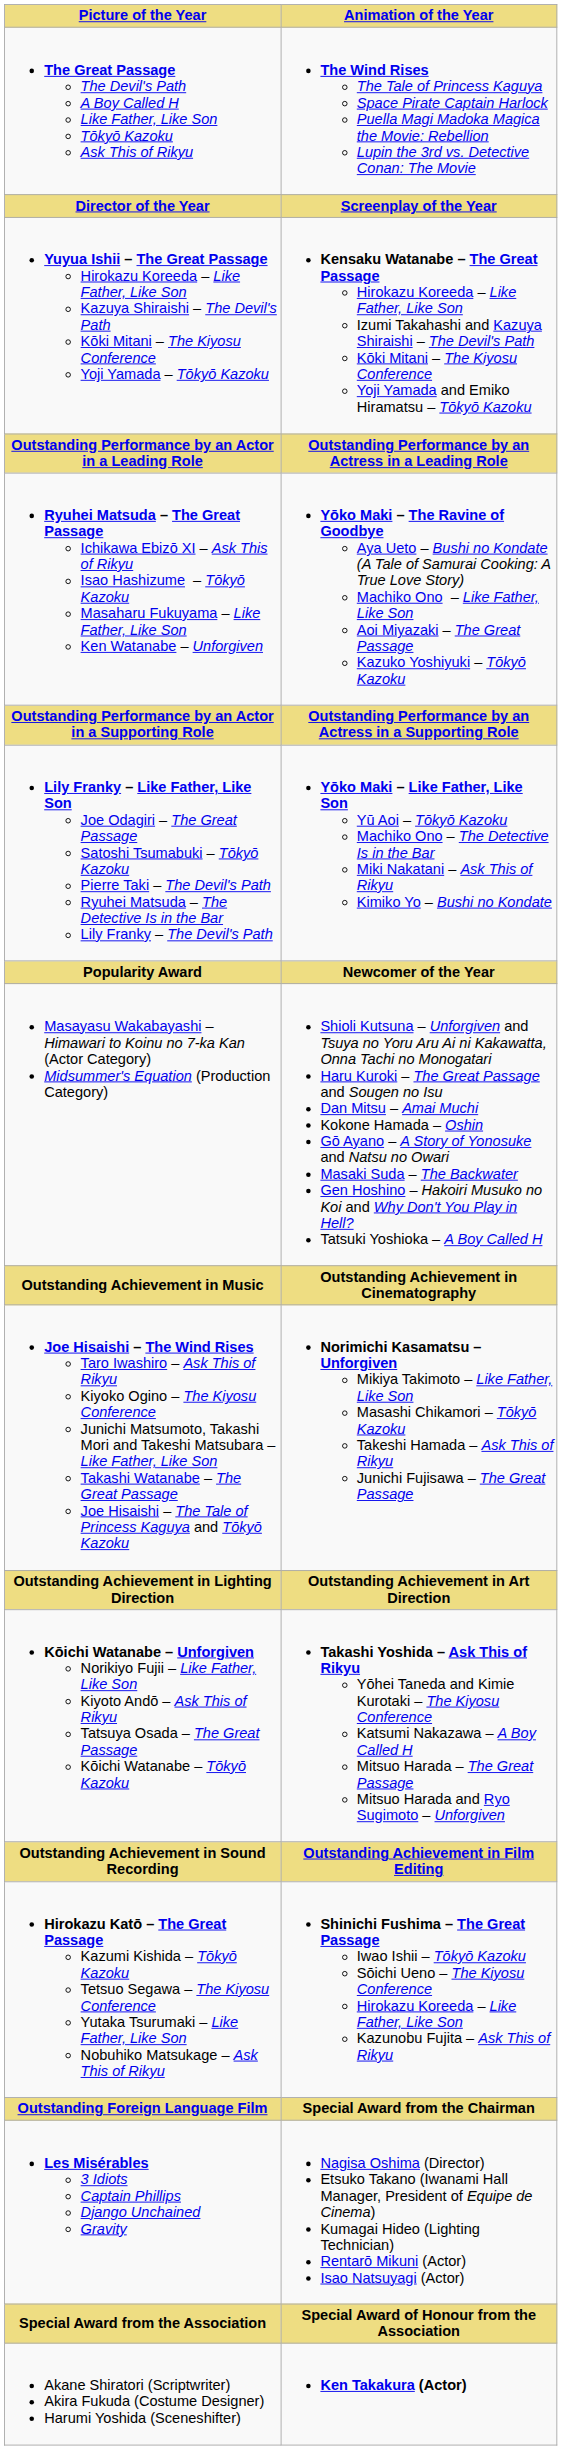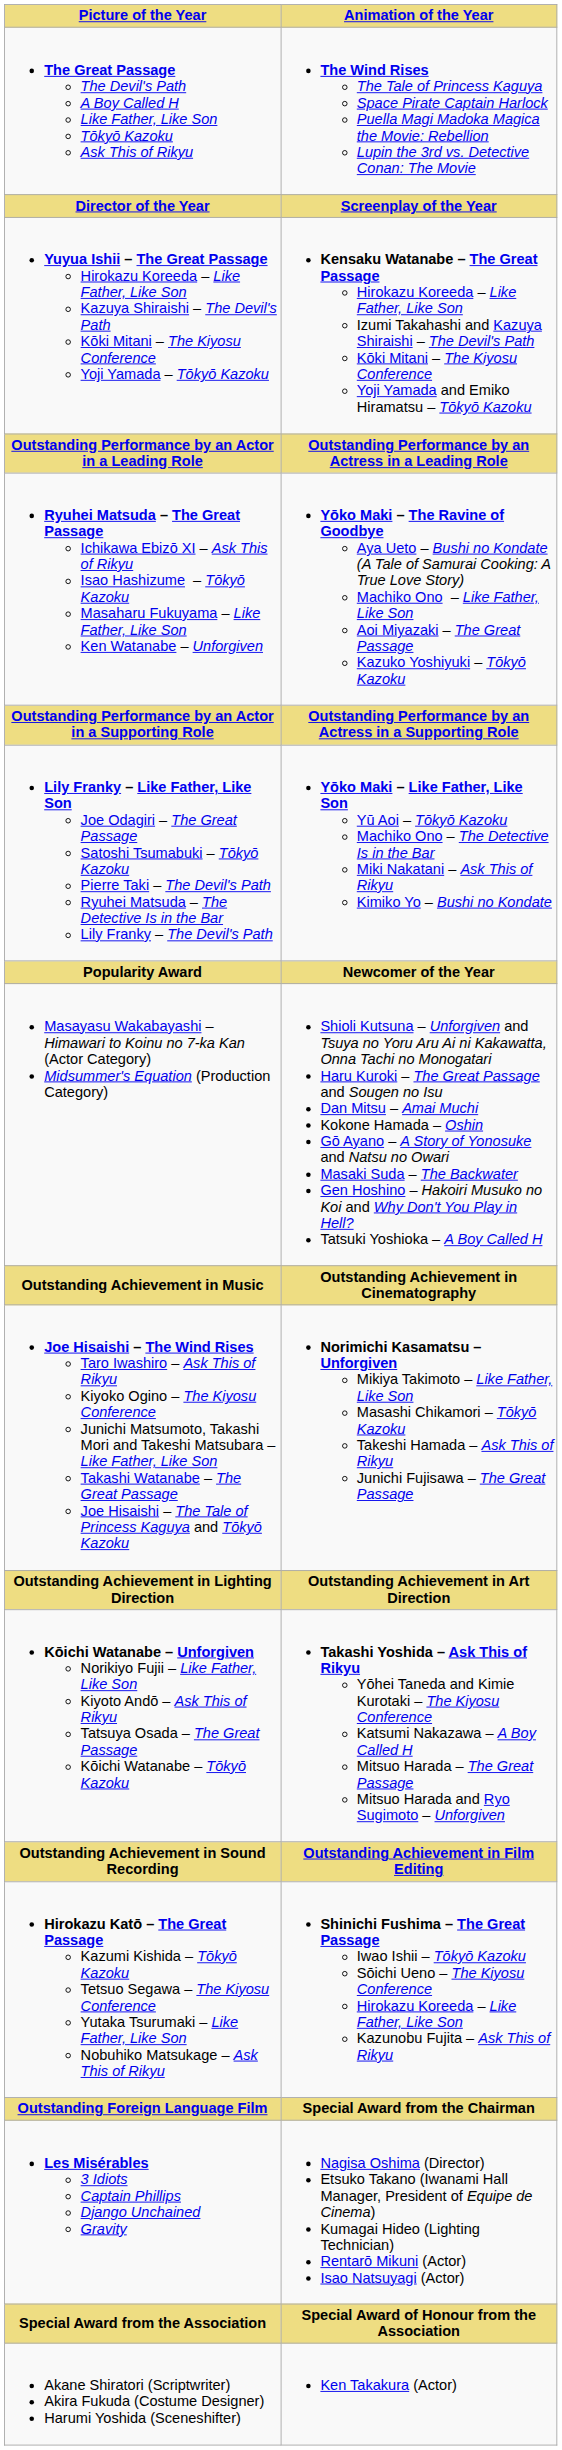 <table class=wikitable>
 <tr>
 <th style="background:#EEDD82; width:50%"><a href='#'>Picture of the Year</a></th>
 <th style="background:#EEDD82; width:50%"><a href='#'>Animation of the Year</a></th>
 </tr>
 <tr>
 <td valign="top"><br><ul><li><strong><a href='#'>The Great Passage</a></strong><ul><li><em><a href='#'>The Devil's Path</a></em></li><li><em><a href='#'>A Boy Called H</a></em></li><li><em><a href='#'>Like Father, Like Son</a></em></li><li><em><a href='#'>Tōkyō Kazoku</a></em></li><li><em><a href='#'>Ask This of Rikyu</a></em></li></ul></li></ul></td>
 <td valign="top"><br><ul><li><strong><a href='#'>The Wind Rises</a></strong><ul><li><em><a href='#'>The Tale of Princess Kaguya</a></em></li><li><em><a href='#'>Space Pirate Captain Harlock</a></em></li><li><em><a href='#'>Puella Magi Madoka Magica the Movie: Rebellion</a></em></li><li><em><a href='#'>Lupin the 3rd vs. Detective Conan: The Movie</a></em></li></ul></li></ul></td>
 </tr>
 <tr>
 <th style="background:#EEDD82"><a href='#'>Director of the Year</a></th>
 <th style="background:#EEDD82"><a href='#'>Screenplay of the Year</a></th>
 </tr>
 <tr>
 <td valign="top"><br><ul><li><strong><a href='#'>Yuyua Ishii</a> – <a href='#'>The Great Passage</a></strong><ul><li><a href='#'>Hirokazu Koreeda</a> – <em><a href='#'>Like Father, Like Son</a></em></li><li><a href='#'>Kazuya Shiraishi</a> – <em><a href='#'>The Devil's Path</a></em></li><li><a href='#'>Kōki Mitani</a> – <em><a href='#'>The Kiyosu Conference</a></em></li><li><a href='#'>Yoji Yamada</a> – <em><a href='#'>Tōkyō Kazoku</a></em></li></ul></li></ul></td>
 <td valign="top"><br><ul><li><strong>Kensaku Watanabe – <a href='#'>The Great Passage</a></strong><ul><li><a href='#'>Hirokazu Koreeda</a> – <em><a href='#'>Like Father, Like Son</a></em></li><li>Izumi Takahashi and <a href='#'>Kazuya Shiraishi</a> – <em><a href='#'>The Devil's Path</a></em></li><li><a href='#'>Kōki Mitani</a> – <em><a href='#'>The Kiyosu Conference</a></em></li><li><a href='#'>Yoji Yamada</a> and Emiko Hiramatsu – <em><a href='#'>Tōkyō Kazoku</a></em></li></ul></li></ul></td>
 </tr>
 <tr>
 <th style="background:#EEDD82"><a href='#'>Outstanding Performance by an Actor in a Leading Role</a></th>
 <th style="background:#EEDD82"><a href='#'>Outstanding Performance by an Actress in a Leading Role</a></th>
 </tr>
 <tr>
 <td valign="top"><br><ul><li><strong><a href='#'>Ryuhei Matsuda</a> – <a href='#'>The Great Passage</a></strong><ul><li><a href='#'>Ichikawa Ebizō XI</a> – <em><a href='#'>Ask This of Rikyu</a></em></li><li><a href='#'>Isao Hashizume</a>  – <em><a href='#'>Tōkyō Kazoku</a></em></li><li><a href='#'>Masaharu Fukuyama</a> – <em><a href='#'>Like Father, Like Son</a></em></li><li><a href='#'>Ken Watanabe</a> – <em><a href='#'>Unforgiven</a></em></li></ul></li></ul></td>
 <td valign="top"><br><ul><li><strong><a href='#'>Yōko Maki</a> – <a href='#'>The Ravine of Goodbye</a></strong><ul><li><a href='#'>Aya Ueto</a> – <em><a href='#'>Bushi no Kondate</a></em> <em>(A Tale of Samurai Cooking: A True Love Story)</em></li><li><a href='#'>Machiko Ono</a>  – <em><a href='#'>Like Father, Like Son</a></em></li><li><a href='#'>Aoi Miyazaki</a> – <em><a href='#'>The Great Passage</a></em></li><li><a href='#'>Kazuko Yoshiyuki</a> – <em><a href='#'>Tōkyō Kazoku</a></em></li></ul></li></ul></td>
 </tr>
 <tr>
 <th style="background:#EEDD82"><a href='#'>Outstanding Performance by an Actor in a Supporting Role</a></th>
 <th style="background:#EEDD82"><a href='#'>Outstanding Performance by an Actress in a Supporting Role</a></th>
 </tr>
 <tr>
 <td valign="top"><br><ul><li><strong><a href='#'>Lily Franky</a> – <a href='#'>Like Father, Like Son</a></strong><ul><li><a href='#'>Joe Odagiri</a> – <em><a href='#'>The Great Passage</a></em></li><li><a href='#'>Satoshi Tsumabuki</a> – <em><a href='#'>Tōkyō Kazoku</a></em></li><li><a href='#'>Pierre Taki</a> – <em><a href='#'>The Devil's Path</a></em></li><li><a href='#'>Ryuhei Matsuda</a> – <em><a href='#'>The Detective Is in the Bar</a></em></li><li><a href='#'>Lily Franky</a> – <em><a href='#'>The Devil's Path</a></em></li></ul></li></ul></td>
 <td valign="top"><br><ul><li><strong><a href='#'>Yōko Maki</a> – <a href='#'>Like Father, Like Son</a></strong><ul><li><a href='#'>Yū Aoi</a> – <em><a href='#'>Tōkyō Kazoku</a></em></li><li><a href='#'>Machiko Ono</a> – <em><a href='#'>The Detective Is in the Bar</a></em></li><li><a href='#'>Miki Nakatani</a> – <em><a href='#'>Ask This of Rikyu</a></em></li><li><a href='#'>Kimiko Yo</a> – <em><a href='#'>Bushi no Kondate</a></em></li></ul></li></ul></td>
 </tr>
 <tr>
 <th style="background:#EEDD82">Popularity Award</th>
 <th style="background:#EEDD82">Newcomer of the Year</th>
 </tr>
 <tr>
 <td valign="top"><br><ul><li><a href='#'>Masayasu Wakabayashi</a> – <em>Himawari to Koinu no 7-ka Kan</em> (Actor Category)</li><li><em><a href='#'>Midsummer's Equation</a></em> (Production Category)</li></ul></td>
 <td valign="top"><br><ul><li><a href='#'>Shioli Kutsuna</a> – <em><a href='#'>Unforgiven</a></em> and <em>Tsuya no Yoru Aru Ai ni Kakawatta, Onna Tachi no Monogatari</em></li><li><a href='#'>Haru Kuroki</a> – <em><a href='#'>The Great Passage</a></em> and <em>Sougen no Isu</em></li><li><a href='#'>Dan Mitsu</a> – <em><a href='#'>Amai Muchi</a></em></li><li>Kokone Hamada – <em><a href='#'>Oshin</a></em></li><li><a href='#'>Gō Ayano</a> – <em><a href='#'>A Story of Yonosuke</a></em> and <em>Natsu no Owari</em></li><li><a href='#'>Masaki Suda</a> – <em><a href='#'>The Backwater</a></em></li><li><a href='#'>Gen Hoshino</a> – <em>Hakoiri Musuko no Koi</em> and <em><a href='#'>Why Don't You Play in Hell?</a></em></li><li>Tatsuki Yoshioka – <em><a href='#'>A Boy Called H</a></em></li></ul></td>
 </tr>
 <tr>
 <th style="background:#EEDD82">Outstanding Achievement in Music</th>
 <th style="background:#EEDD82">Outstanding Achievement in Cinematography</th>
 </tr>
 <tr>
 <td valign="top"><br><ul><li><strong><a href='#'>Joe Hisaishi</a> – <a href='#'>The Wind Rises</a></strong><ul><li><a href='#'>Taro Iwashiro</a> – <em><a href='#'>Ask This of Rikyu</a></em></li><li>Kiyoko Ogino – <em><a href='#'>The Kiyosu Conference</a></em></li><li>Junichi Matsumoto, Takashi Mori and Takeshi Matsubara – <em><a href='#'>Like Father, Like Son</a></em></li><li><a href='#'>Takashi Watanabe</a> – <em><a href='#'>The Great Passage</a></em></li><li><a href='#'>Joe Hisaishi</a> – <em><a href='#'>The Tale of Princess Kaguya</a></em> and <em><a href='#'>Tōkyō Kazoku</a></em></li></ul></li></ul></td>
 <td valign="top"><br><ul><li><strong>Norimichi Kasamatsu – <a href='#'>Unforgiven</a></strong><ul><li>Mikiya Takimoto – <em><a href='#'>Like Father, Like Son</a></em></li><li>Masashi Chikamori – <em><a href='#'>Tōkyō Kazoku</a></em></li><li>Takeshi Hamada – <em><a href='#'>Ask This of Rikyu</a></em></li><li>Junichi Fujisawa – <em><a href='#'>The Great Passage</a></em></li></ul></li></ul></td>
 </tr>
 <tr>
 <th style="background:#EEDD82">Outstanding Achievement in Lighting Direction</th>
 <th style="background:#EEDD82">Outstanding Achievement in Art Direction</th>
 </tr>
 <tr>
 <td valign="top"><br><ul><li><strong>Kōichi Watanabe – <a href='#'>Unforgiven</a></strong><ul><li>Norikiyo Fujii – <em><a href='#'>Like Father, Like Son</a></em></li><li>Kiyoto Andō – <em><a href='#'>Ask This of Rikyu</a></em></li><li>Tatsuya Osada – <em><a href='#'>The Great Passage</a></em></li><li>Kōichi Watanabe – <em><a href='#'>Tōkyō Kazoku</a></em></li></ul></li></ul></td>
 <td valign="top"><br><ul><li><strong>Takashi Yoshida – <a href='#'>Ask This of Rikyu</a></strong><ul><li>Yōhei Taneda and Kimie Kurotaki – <em><a href='#'>The Kiyosu Conference</a></em></li><li>Katsumi Nakazawa – <em><a href='#'>A Boy Called H</a></em></li><li>Mitsuo Harada – <em><a href='#'>The Great Passage</a></em></li><li>Mitsuo Harada and <a href='#'>Ryo Sugimoto</a> – <em><a href='#'>Unforgiven</a></em></li></ul></li></ul></td>
 </tr>
 <tr>
 <th style="background:#EEDD82">Outstanding Achievement in Sound Recording</th>
 <th style="background:#EEDD82"><a href='#'>Outstanding Achievement in Film Editing</a></th>
 </tr>
 <tr>
 <td valign="top"><br><ul><li><strong>Hirokazu Katō – <a href='#'>The Great Passage</a></strong><ul><li>Kazumi Kishida – <em><a href='#'>Tōkyō Kazoku</a></em></li><li>Tetsuo Segawa – <em><a href='#'>The Kiyosu Conference</a></em></li><li>Yutaka Tsurumaki – <em><a href='#'>Like Father, Like Son</a></em></li><li>Nobuhiko Matsukage – <em><a href='#'>Ask This of Rikyu</a></em></li></ul></li></ul></td>
 <td valign="top"><br><ul><li><strong>Shinichi Fushima – <a href='#'>The Great Passage</a></strong><ul><li>Iwao Ishii – <em><a href='#'>Tōkyō Kazoku</a></em></li><li>Sōichi Ueno – <em><a href='#'>The Kiyosu Conference</a></em></li><li><a href='#'>Hirokazu Koreeda</a> – <em><a href='#'>Like Father, Like Son</a></em></li><li>Kazunobu Fujita – <em><a href='#'>Ask This of Rikyu</a></em></li></ul></li></ul></td>
 </tr>
 <tr>
 <th style="background:#EEDD82"><a href='#'>Outstanding Foreign Language Film</a></th>
 <th style="background:#EEDD82">Special Award from the Chairman</th>
 </tr>
 <tr>
 <td valign="top"><br><ul><li><strong><a href='#'>Les Misérables</a></strong><ul><li><em><a href='#'>3 Idiots</a></em></li><li><em><a href='#'>Captain Phillips</a></em></li><li><em><a href='#'>Django Unchained</a></em></li><li><em><a href='#'>Gravity</a></em></li></ul></li></ul></td>
 <td valign="top"><br><ul><li><a href='#'>Nagisa Oshima</a> (Director)</li><li>Etsuko Takano (Iwanami Hall Manager, President of <em>Equipe de Cinema</em>)</li><li>Kumagai Hideo (Lighting Technician)</li><li><a href='#'>Rentarō Mikuni</a> (Actor)</li><li><a href='#'>Isao Natsuyagi</a> (Actor)</li></ul></td>
 </tr>
 <tr>
 <th style="background:#EEDD82">Special Award from the Association</th>
 <th style="background:#EEDD82">Special Award of Honour from the Association</th>
 </tr>
 <tr>
 <td valign="top"><br><ul><li>Akane Shiratori (Scriptwriter)</li><li>Akira Fukuda (Costume Designer)</li><li>Harumi Yoshida (Sceneshifter)</li></ul></td>
-<td valign="top"><strong><br><ul><li><a href='#'>Ken Takakura</a> (Actor)</li></ul></strong></td>
+<td valign="top"><br><ul><li><a href='#'>Ken Takakura</a> (Actor)</li></ul></td>
 </tr>
 </table>
